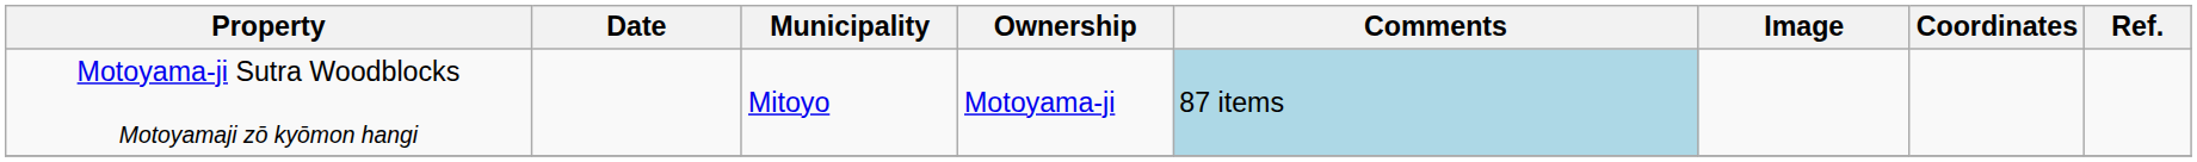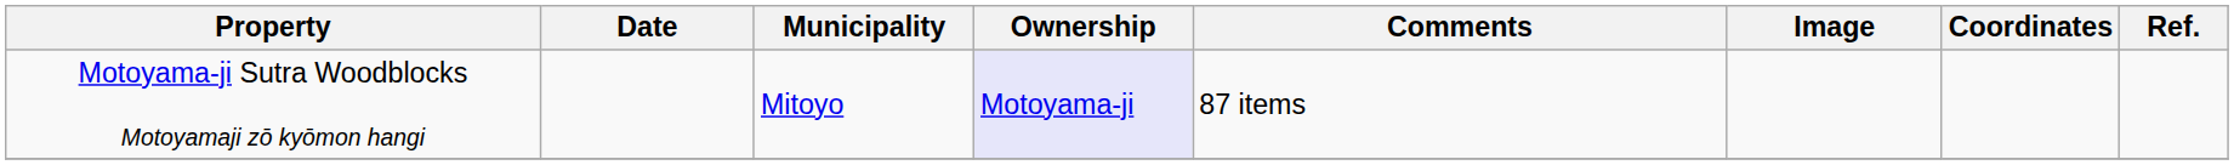 <table class="wikitable sortable"  style="width:100%;">
 <tr>
 <th width="25%" align="left">Property</th>
 <th width="10%" align="left">Date</th>
 <th width="10%" align="left">Municipality</th>
 <th width="10%" align="left">Ownership</th>
 <th width="25%" align="left" class="unsortable">Comments</th>
 <th width="10%" align="left" class="unsortable">Image</th>
 <th width="5%" align="left" class="unsortable">Coordinates</th>
 <th width="5%" align="left" class="unsortable">Ref.</th>
 </tr>
 <tr>
 <td align="center"><a href='#'>Motoyama-ji</a> Sutra Woodblocks<br><br><small><em>Motoyamaji zō kyōmon hangi</em></small></td>
 <td></td>
 <td><a href='#'>Mitoyo</a></td>
-<td><a href='#'>Motoyama-ji</a></td>
-<td style="background: lightblue;">87 items</td>
+<td style="background: lavender;"><a href='#'>Motoyama-ji</a></td>
+<td>87 items</td>
 <td></td>
 <td></td>
 <td></td>
 </tr>
 <tr>
 </tr>
 </table>
